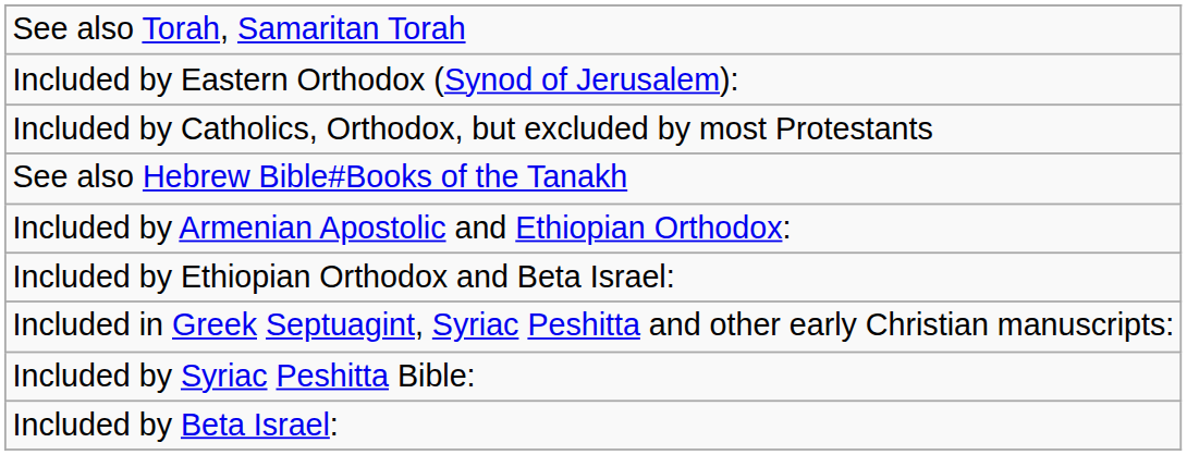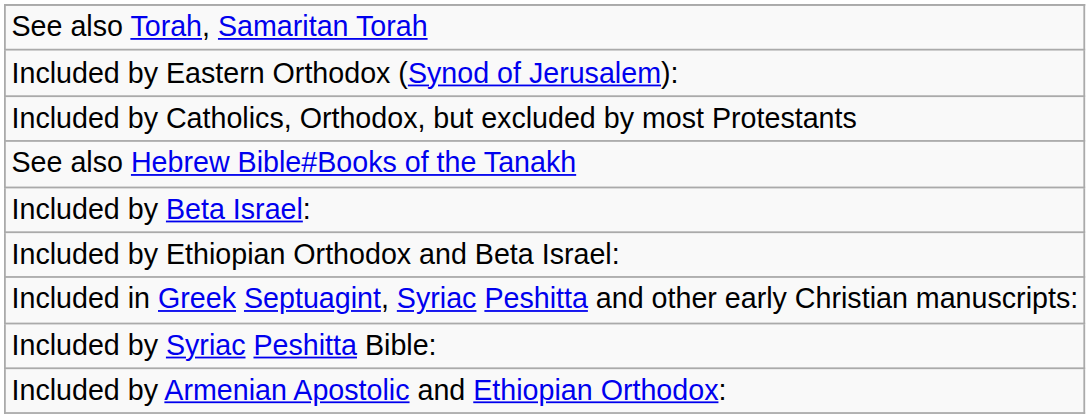 <table class="wikitable">
 <tr>
 </tr>
 <tr>
 <td>See also <a href='#'>Torah</a>, <a href='#'>Samaritan Torah</a><br></td>
 </tr>
 <tr>
 <td>Included by Eastern Orthodox (<a href='#'>Synod of Jerusalem</a>):<br></td>
 </tr>
 <tr>
 <td>Included by Catholics, Orthodox, but excluded by most Protestants<br></td>
 </tr>
 <tr>
 <td>See also <a href='#'>Hebrew Bible#Books of the Tanakh</a><br></td>
 </tr>
 <tr>
-<td>Included by <a href='#'>Armenian Apostolic</a> and <a href='#'>Ethiopian Orthodox</a>:<br></td>
+<td>Included by <a href='#'>Beta Israel</a>:<br></td>
 </tr>
 <tr>
 <td>Included by Ethiopian Orthodox and Beta Israel:<br></td>
 </tr>
 <tr>
 <td>Included in <a href='#'>Greek</a> <a href='#'>Septuagint</a>, <a href='#'>Syriac</a> <a href='#'>Peshitta</a> and other early Christian manuscripts:<br></td>
 </tr>
 <tr>
 <td>Included by <a href='#'>Syriac</a> <a href='#'>Peshitta</a> Bible:<br></td>
 </tr>
 <tr>
-<td>Included by <a href='#'>Beta Israel</a>:<br></td>
+<td>Included by <a href='#'>Armenian Apostolic</a> and <a href='#'>Ethiopian Orthodox</a>:<br></td>
 </tr>
 </table>
